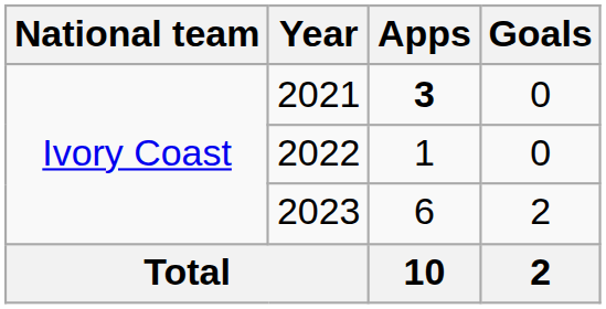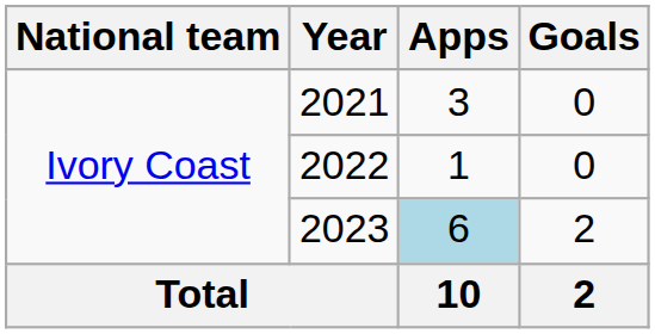 <table class="wikitable" style="text-align:center">
 <tr>
 <th>National team</th>
 <th>Year</th>
 <th>Apps</th>
 <th>Goals</th>
 </tr>
 <tr>
 <td rowspan="3"><a href='#'>Ivory Coast</a></td>
 <td>2021</td>
-<td><strong>3</strong></td>
+<td>3</td>
 <td>0</td>
 </tr>
 <tr>
 <td>2022</td>
 <td>1</td>
 <td>0</td>
 </tr>
 <tr>
 <td>2023</td>
-<td>6</td>
+<td style="background: lightblue;">6</td>
 <td>2</td>
 </tr>
 <tr>
 <th colspan="2">Total</th>
 <th>10</th>
 <th>2</th>
 </tr>
 </table>
